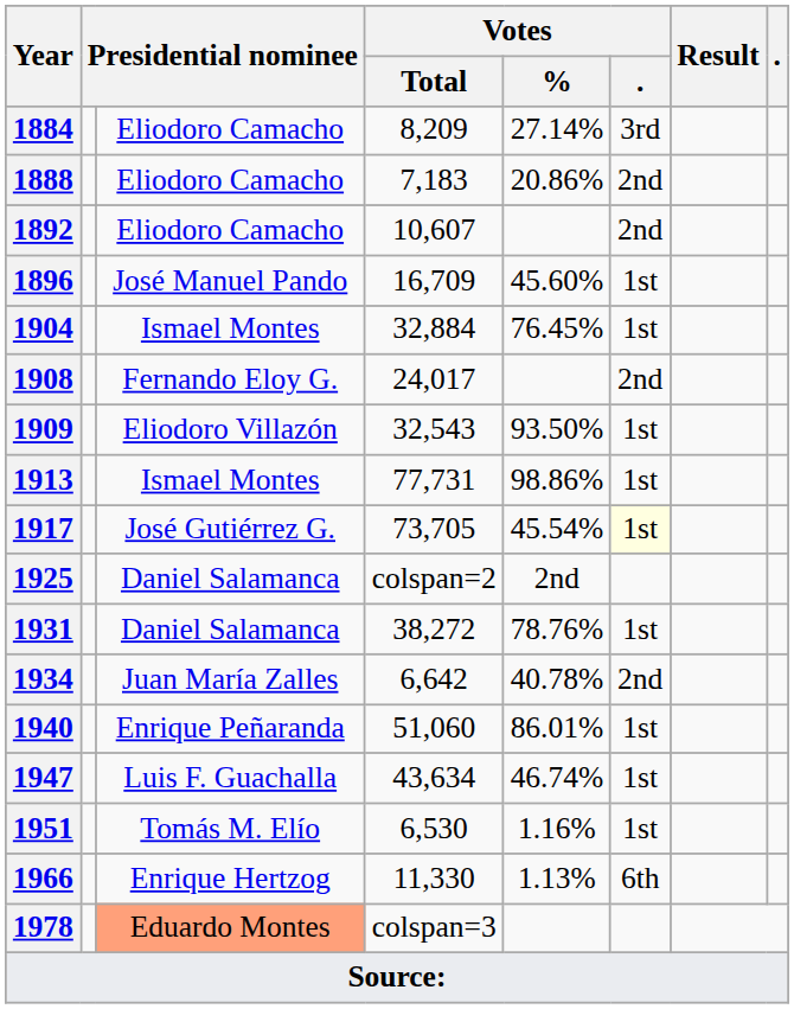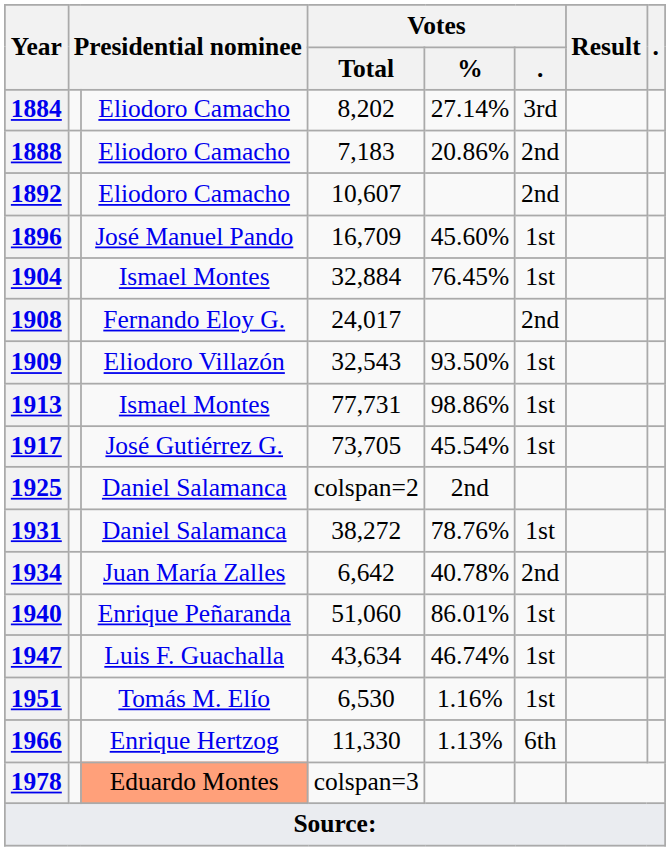 <table class="wikitable" style="font-size:90%; text-align:center;">
 <tr>
 <th rowspan=2>Year</th>
 <th rowspan=2 colspan=2>Presidential nominee</th>
 <th colspan=3>Votes</th>
 <th rowspan=2>Result</th>
 <th rowspan=2>.</th>
 </tr>
 <tr>
 <th>Total</th>
 <th>%</th>
 <th>.</th>
 </tr>
 <tr>
 <th><a href='#'>1884</a></th>
 <td style="background-color:"></td>
 <td><a href='#'>Eliodoro Camacho</a></td>
-<td>8,209</td>
+<td>8,202</td>
 <td>27.14%</td>
 <td>3rd</td>
 <td></td>
 <td></td>
 </tr>
 <tr>
 <th><a href='#'>1888</a></th>
 <td style="background-color:"></td>
 <td><a href='#'>Eliodoro Camacho</a></td>
 <td>7,183</td>
 <td>20.86%</td>
 <td>2nd</td>
 <td></td>
 <td></td>
 </tr>
 <tr>
 <th><a href='#'>1892</a></th>
 <td style="background-color:"></td>
 <td><a href='#'>Eliodoro Camacho</a></td>
 <td>10,607</td>
 <td></td>
 <td>2nd</td>
 <td></td>
 <td></td>
 </tr>
 <tr>
 <th><a href='#'>1896</a></th>
 <td style="background-color:"></td>
 <td><a href='#'>José Manuel Pando</a></td>
 <td>16,709</td>
 <td>45.60%</td>
 <td>1st</td>
 <td></td>
 <td></td>
 </tr>
 <tr>
 <th><a href='#'>1904</a></th>
 <td style="background-color:"></td>
 <td><a href='#'>Ismael Montes</a></td>
 <td>32,884</td>
 <td>76.45%</td>
 <td>1st</td>
 <td></td>
 <td></td>
 </tr>
 <tr>
 <th><a href='#'>1908</a></th>
 <td style="background-color:"></td>
 <td><a href='#'>Fernando Eloy G.</a></td>
 <td>24,017</td>
 <td></td>
 <td>2nd</td>
 <td></td>
 <td></td>
 </tr>
 <tr>
 <th><a href='#'>1909</a></th>
 <td style="background-color:"></td>
 <td><a href='#'>Eliodoro Villazón</a></td>
 <td>32,543</td>
 <td>93.50%</td>
 <td>1st</td>
 <td></td>
 <td></td>
 </tr>
 <tr>
 <th><a href='#'>1913</a></th>
 <td style="background-color:"></td>
 <td><a href='#'>Ismael Montes</a></td>
 <td>77,731</td>
 <td>98.86%</td>
 <td>1st</td>
 <td></td>
 <td></td>
 </tr>
 <tr>
 <th><a href='#'>1917</a></th>
 <td style="background-color:"></td>
 <td><a href='#'>José Gutiérrez G.</a></td>
 <td>73,705</td>
 <td>45.54%</td>
-<td style="background: lightyellow;">1st</td>
+<td>1st</td>
 <td></td>
 <td></td>
 </tr>
 <tr>
 <th><a href='#'>1925</a></th>
 <td style="background-color:"></td>
 <td><a href='#'>Daniel Salamanca</a></td>
 <td>colspan=2 </td>
 <td>2nd</td>
 <td></td>
 <td></td>
 </tr>
 <tr>
 <th><a href='#'>1931</a></th>
 <td style="background-color:"></td>
 <td><a href='#'>Daniel Salamanca</a></td>
 <td>38,272</td>
 <td>78.76%</td>
 <td>1st</td>
 <td></td>
 <td></td>
 </tr>
 <tr>
 <th><a href='#'>1934</a></th>
 <td style="background-color:"></td>
 <td><a href='#'>Juan María Zalles</a></td>
 <td>6,642</td>
 <td>40.78%</td>
 <td>2nd</td>
 <td></td>
 <td></td>
 </tr>
 <tr>
 <th><a href='#'>1940</a></th>
 <td style="background-color:"></td>
 <td><a href='#'>Enrique Peñaranda</a></td>
 <td>51,060</td>
 <td>86.01%</td>
 <td>1st</td>
 <td></td>
 <td></td>
 </tr>
 <tr>
 <th><a href='#'>1947</a></th>
 <td style="background-color:"></td>
 <td><a href='#'>Luis F. Guachalla</a></td>
 <td>43,634</td>
 <td>46.74%</td>
 <td>1st</td>
 <td></td>
 <td></td>
 </tr>
 <tr>
 <th><a href='#'>1951</a></th>
 <td style="background-color:"></td>
 <td><a href='#'>Tomás M. Elío</a></td>
 <td>6,530</td>
 <td>1.16%</td>
 <td>1st</td>
 <td></td>
 <td></td>
 </tr>
 <tr>
 <th><a href='#'>1966</a></th>
 <td style="background-color:"></td>
 <td><a href='#'>Enrique Hertzog</a></td>
 <td>11,330</td>
 <td>1.13%</td>
 <td>6th</td>
 <td></td>
 <td></td>
 </tr>
 <tr>
 <th><a href='#'>1978</a></th>
 <td style="background-color:"></td>
 <td style="background: lightsalmon;">Eduardo Montes</td>
 <td>colspan=3 </td>
 <td></td>
 <td></td>
 </tr>
 <tr>
 <td style="background-color:#EAECF0;" colspan=8><strong>Source:</strong> </td>
 </tr>
 </table>
